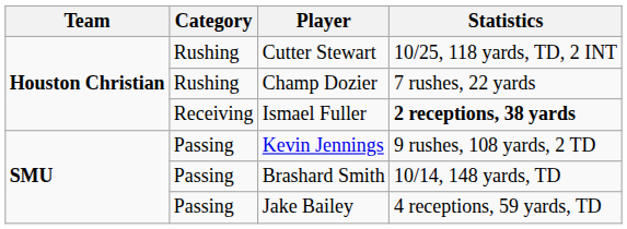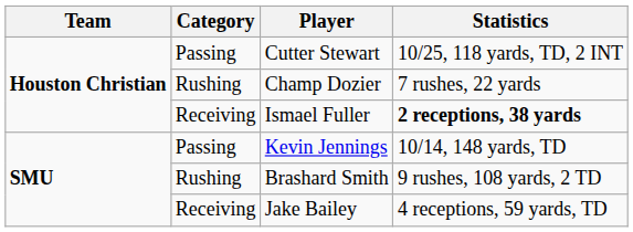 <table class="wikitable" style="float: right;">
 <tr>
 <th>Team</th>
 <th>Category</th>
 <th>Player</th>
 <th>Statistics</th>
 </tr>
 <tr>
 <td rowspan=3><strong>Houston Christian</strong></td>
-<td>Rushing</td>
+<td>Passing</td>
 <td>Cutter Stewart</td>
 <td>10/25, 118 yards, TD, 2 INT</td>
 </tr>
 <tr>
 <td>Rushing</td>
 <td>Champ Dozier</td>
 <td>7 rushes, 22 yards</td>
 </tr>
 <tr>
 <td>Receiving</td>
 <td>Ismael Fuller</td>
 <td><strong>2 receptions, 38 yards</strong></td>
 </tr>
 <tr>
 <td rowspan=3><strong>SMU</strong></td>
 <td>Passing</td>
 <td><a href='#'>Kevin Jennings</a></td>
+<td>10/14, 148 yards, TD</td>
+</tr>
+<tr>
+<td>Rushing</td>
+<td>Brashard Smith</td>
 <td>9 rushes, 108 yards, 2 TD</td>
 </tr>
 <tr>
-<td>Passing</td>
-<td>Brashard Smith</td>
-<td>10/14, 148 yards, TD</td>
-</tr>
-<tr>
-<td>Passing</td>
+<td>Receiving</td>
 <td>Jake Bailey</td>
 <td>4 receptions, 59 yards, TD</td>
 </tr>
 </table>
